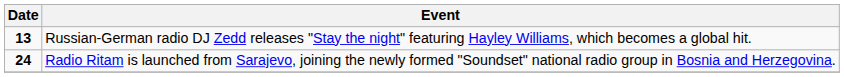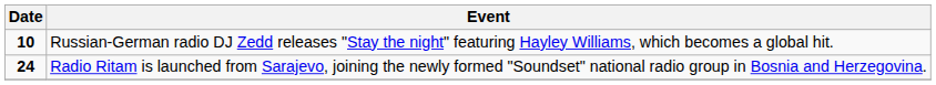 <table class="wikitable">
 <tr>
 <th>Date</th>
 <th>Event</th>
 </tr>
 <tr>
-<td style="text-align:center;"><strong>13</strong></td>
+<td style="text-align:center;"><strong>10</strong></td>
 <td>Russian-German radio DJ <a href='#'>Zedd</a> releases "<a href='#'>Stay the night</a>" featuring <a href='#'>Hayley Williams</a>, which becomes a global hit.</td>
 </tr>
 <tr>
 <td style="text-align:center;"><strong>24</strong></td>
 <td><a href='#'>Radio Ritam</a> is launched from <a href='#'>Sarajevo</a>, joining the newly formed "Soundset" national radio group in <a href='#'>Bosnia and Herzegovina</a>.</td>
 </tr>
 <tr>
 </tr>
 </table>
